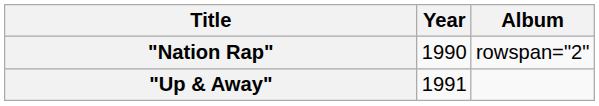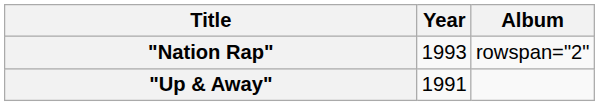 <table class="wikitable plainrowheaders" style="text-align:center;" border="1">
 <tr>
 <th scope="col" style="width:20em;">Title</th>
 <th scope="col" style="width:1em;">Year</th>
 <th scope="col">Album</th>
 </tr>
 <tr>
 <th scope="row">"Nation Rap"<br></th>
-<td>1990</td>
+<td>1993</td>
 <td>rowspan="2" </td>
 </tr>
 <tr>
 <th scope="row">"Up & Away"<br></th>
 <td>1991</td>
 </tr>
 </table>
